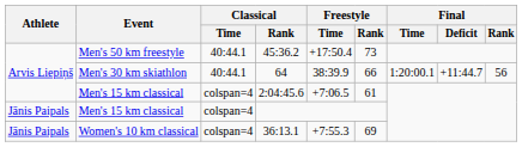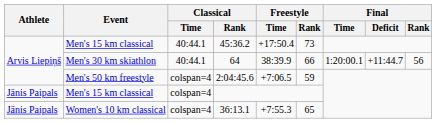 <table class="wikitable" style="font-size:90%">
 <tr>
 <th rowspan=2>Athlete</th>
 <th rowspan=2>Event</th>
 <th colspan=2>Classical</th>
 <th colspan=2>Freestyle</th>
 <th colspan=3>Final</th>
 </tr>
 <tr style="font-size: 95%">
 <th>Time</th>
 <th>Rank</th>
 <th>Time</th>
 <th>Rank</th>
 <th>Time</th>
 <th>Deficit</th>
 <th>Rank</th>
 </tr>
 <tr align=center>
 <td align=left rowspan=3><a href='#'>Arvis Liepiņš</a></td>
-<td align=left><a href='#'>Men's 50 km freestyle</a></td>
+<td align=left><a href='#'>Men's 15 km classical</a></td>
 <td>40:44.1</td>
 <td>45:36.2</td>
 <td>+17:50.4</td>
 <td>73</td>
 </tr>
 <tr align=center>
 <td align=left><a href='#'>Men's 30 km skiathlon</a></td>
 <td>40:44.1</td>
 <td>64</td>
 <td>38:39.9</td>
 <td>66</td>
 <td>1:20:00.1</td>
 <td>+11:44.7</td>
 <td>56</td>
 </tr>
 <tr align=center>
-<td align=left><a href='#'>Men's 15 km classical</a></td>
+<td align=left><a href='#'>Men's 50 km freestyle</a></td>
 <td>colspan=4 </td>
 <td>2:04:45.6</td>
 <td>+7:06.5</td>
-<td>61</td>
+<td>59</td>
 </tr>
 <tr align=center>
 <td align=left><a href='#'>Jānis Paipals</a></td>
 <td align=left><a href='#'>Men's 15 km classical</a></td>
 <td>colspan=4 </td>
 <td colspan=3></td>
 </tr>
 <tr align=center>
 <td align=left><a href='#'>Jānis Paipals</a></td>
 <td align=left><a href='#'>Women's 10 km classical</a></td>
 <td>colspan=4 </td>
 <td>36:13.1</td>
 <td>+7:55.3</td>
-<td>69</td>
+<td>65</td>
 </tr>
 </table>
